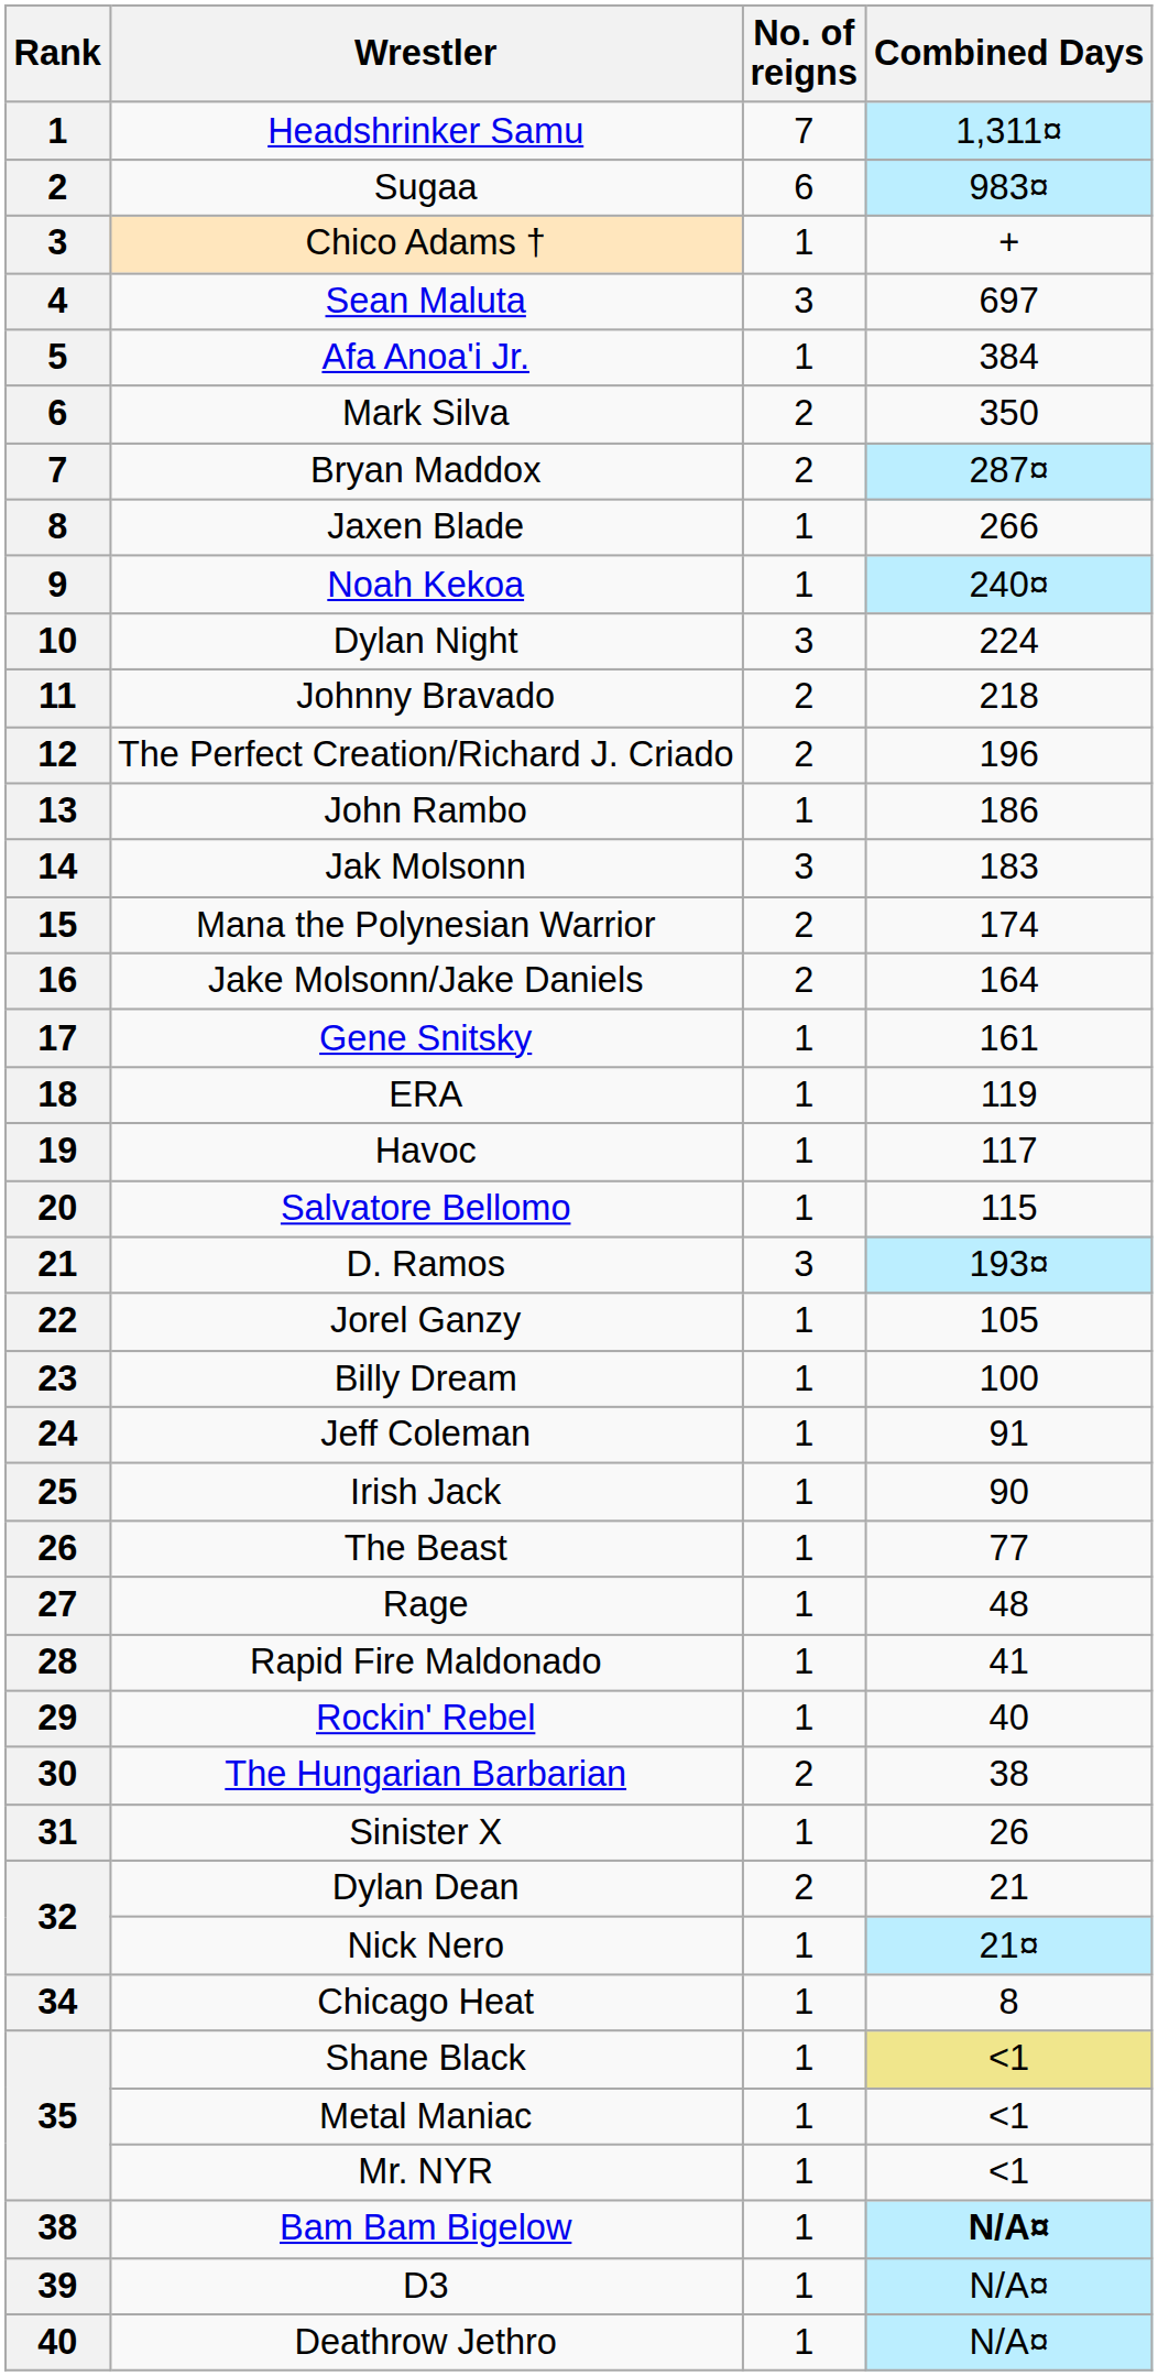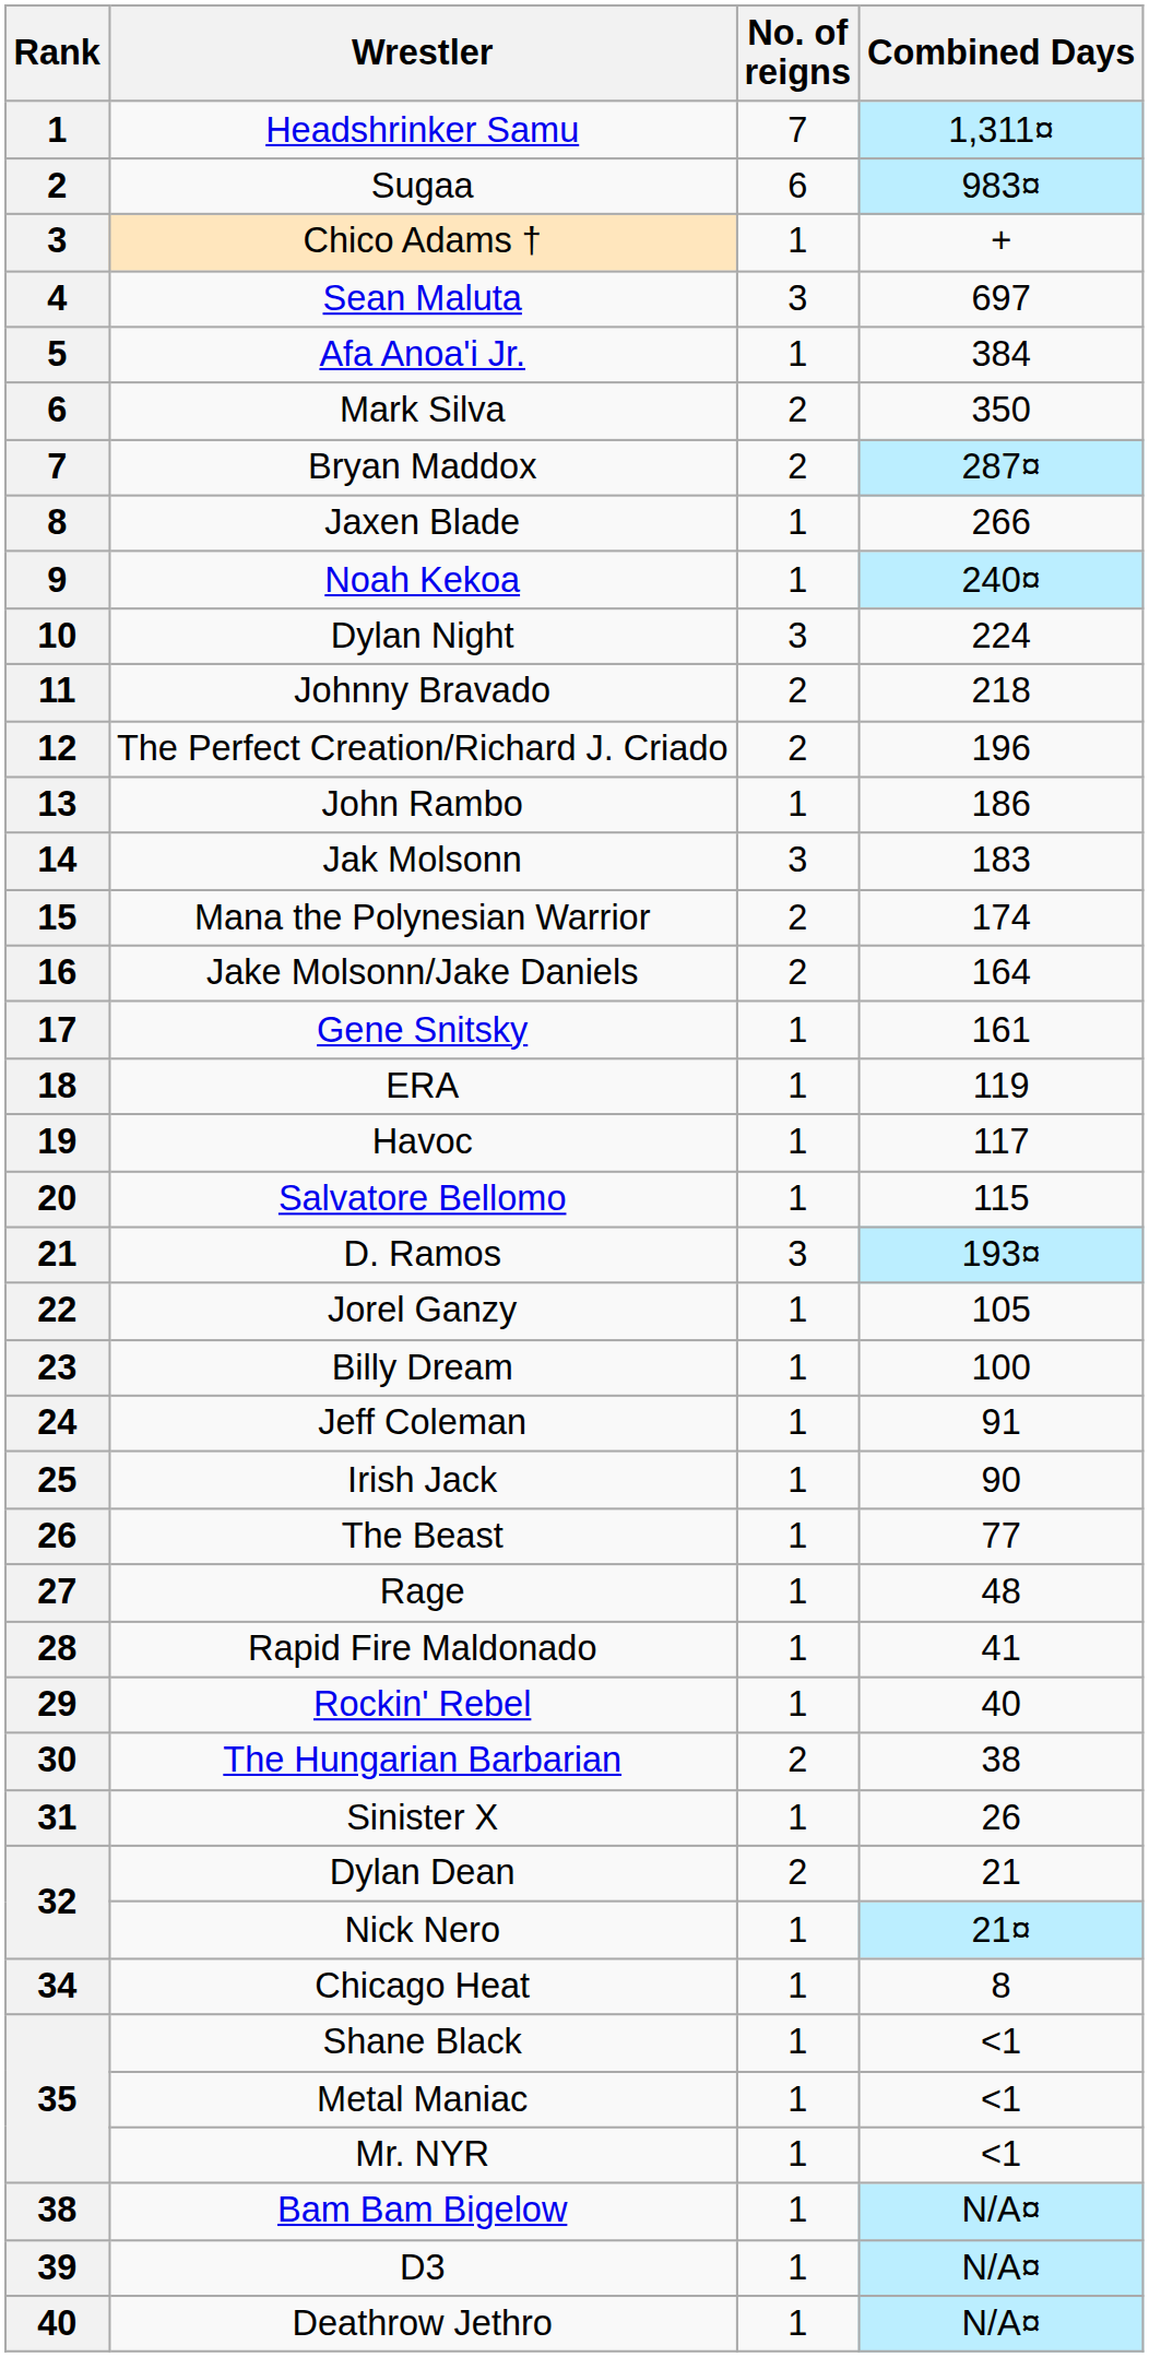 <table class="wikitable sortable" style="text-align:center">
 <tr>
 <th>Rank</th>
 <th>Wrestler</th>
 <th>No. of<br>reigns</th>
 <th>Combined Days</th>
 </tr>
 <tr>
 <th>1</th>
 <td><a href='#'>Headshrinker Samu</a></td>
 <td>7</td>
 <td style="background: #bbeeff;">1,311¤</td>
 </tr>
 <tr>
 <th>2</th>
 <td>Sugaa</td>
 <td>6</td>
 <td style="background: #bbeeff;">983¤</td>
 </tr>
 <tr>
 <th>3</th>
 <td style="background-color:#ffe6bd">Chico Adams †</td>
 <td>1</td>
 <td>+</td>
 </tr>
 <tr>
 <th>4</th>
 <td><a href='#'>Sean Maluta</a></td>
 <td>3</td>
 <td>697</td>
 </tr>
 <tr>
 <th>5</th>
 <td><a href='#'>Afa Anoa'i Jr.</a></td>
 <td>1</td>
 <td>384</td>
 </tr>
 <tr>
 <th>6</th>
 <td>Mark Silva</td>
 <td>2</td>
 <td>350</td>
 </tr>
 <tr>
 <th>7</th>
 <td>Bryan Maddox</td>
 <td>2</td>
 <td style="background: #bbeeff;">287¤</td>
 </tr>
 <tr>
 <th>8</th>
 <td>Jaxen Blade</td>
 <td>1</td>
 <td>266</td>
 </tr>
 <tr>
 <th>9</th>
 <td><a href='#'>Noah Kekoa</a></td>
 <td>1</td>
 <td style="background: #bbeeff;">240¤</td>
 </tr>
 <tr>
 <th>10</th>
 <td>Dylan Night</td>
 <td>3</td>
 <td>224</td>
 </tr>
 <tr>
 <th>11</th>
 <td>Johnny Bravado</td>
 <td>2</td>
 <td>218</td>
 </tr>
 <tr>
 <th>12</th>
 <td>The Perfect Creation/Richard J. Criado</td>
 <td>2</td>
 <td>196</td>
 </tr>
 <tr>
 <th>13</th>
 <td>John Rambo</td>
 <td>1</td>
 <td>186</td>
 </tr>
 <tr>
 <th>14</th>
 <td>Jak Molsonn</td>
 <td>3</td>
 <td>183</td>
 </tr>
 <tr>
 <th>15</th>
 <td>Mana the Polynesian Warrior</td>
 <td>2</td>
 <td>174</td>
 </tr>
 <tr>
 <th>16</th>
 <td>Jake Molsonn/Jake Daniels</td>
 <td>2</td>
 <td>164</td>
 </tr>
 <tr>
 <th>17</th>
 <td><a href='#'>Gene Snitsky</a></td>
 <td>1</td>
 <td>161</td>
 </tr>
 <tr>
 <th>18</th>
 <td>ERA</td>
 <td>1</td>
 <td>119</td>
 </tr>
 <tr>
 <th>19</th>
 <td>Havoc</td>
 <td>1</td>
 <td>117</td>
 </tr>
 <tr>
 <th>20</th>
 <td><a href='#'>Salvatore Bellomo</a></td>
 <td>1</td>
 <td>115</td>
 </tr>
 <tr>
 <th>21</th>
 <td>D. Ramos</td>
 <td>3</td>
 <td style="background: #bbeeff;">193¤</td>
 </tr>
 <tr>
 <th>22</th>
 <td>Jorel Ganzy</td>
 <td>1</td>
 <td>105</td>
 </tr>
 <tr>
 <th>23</th>
 <td>Billy Dream</td>
 <td>1</td>
 <td>100</td>
 </tr>
 <tr>
 <th>24</th>
 <td>Jeff Coleman</td>
 <td>1</td>
 <td>91</td>
 </tr>
 <tr>
 <th>25</th>
 <td>Irish Jack</td>
 <td>1</td>
 <td>90</td>
 </tr>
 <tr>
 <th>26</th>
 <td>The Beast</td>
 <td>1</td>
 <td>77</td>
 </tr>
 <tr>
 <th>27</th>
 <td>Rage</td>
 <td>1</td>
 <td>48</td>
 </tr>
 <tr>
 <th>28</th>
 <td>Rapid Fire Maldonado</td>
 <td>1</td>
 <td>41</td>
 </tr>
 <tr>
 <th>29</th>
 <td><a href='#'>Rockin' Rebel</a></td>
 <td>1</td>
 <td>40</td>
 </tr>
 <tr>
 <th>30</th>
 <td><a href='#'>The Hungarian Barbarian</a></td>
 <td>2</td>
 <td>38</td>
 </tr>
 <tr>
 <th>31</th>
 <td>Sinister X</td>
 <td>1</td>
 <td>26</td>
 </tr>
 <tr>
 <th rowspan=2>32</th>
 <td>Dylan Dean</td>
 <td>2</td>
 <td>21</td>
 </tr>
 <tr>
 <td>Nick Nero</td>
 <td>1</td>
 <td style="background: #bbeeff;">21¤</td>
 </tr>
 <tr>
 <th>34</th>
 <td>Chicago Heat</td>
 <td>1</td>
 <td>8</td>
 </tr>
 <tr>
 <th rowspan=3>35</th>
 <td>Shane Black</td>
 <td>1</td>
-<td style="background: khaki;"><1</td>
+<td><1</td>
 </tr>
 <tr>
 <td>Metal Maniac</td>
 <td>1</td>
 <td><1</td>
 </tr>
 <tr>
 <td>Mr. NYR</td>
 <td>1</td>
 <td><1</td>
 </tr>
 <tr>
 <th>38</th>
 <td><a href='#'>Bam Bam Bigelow</a></td>
 <td>1</td>
-<td style="background: #bbeeff;"><strong>N/A¤</strong></td>
+<td style="background: #bbeeff;">N/A¤</td>
 </tr>
 <tr>
 <th>39</th>
 <td>D3</td>
 <td>1</td>
 <td style="background: #bbeeff;">N/A¤</td>
 </tr>
 <tr>
 <th>40</th>
 <td>Deathrow Jethro</td>
 <td>1</td>
 <td style="background: #bbeeff;">N/A¤</td>
 </tr>
 </table>
